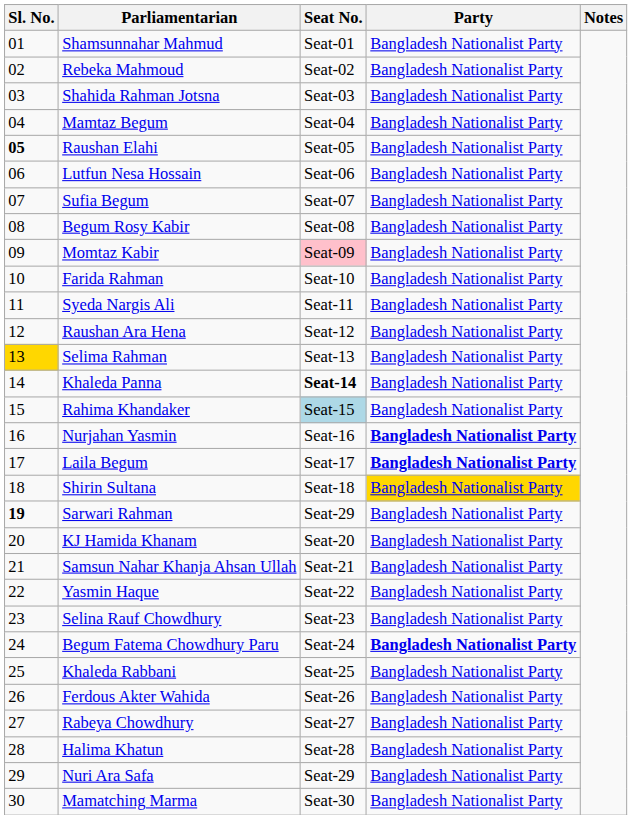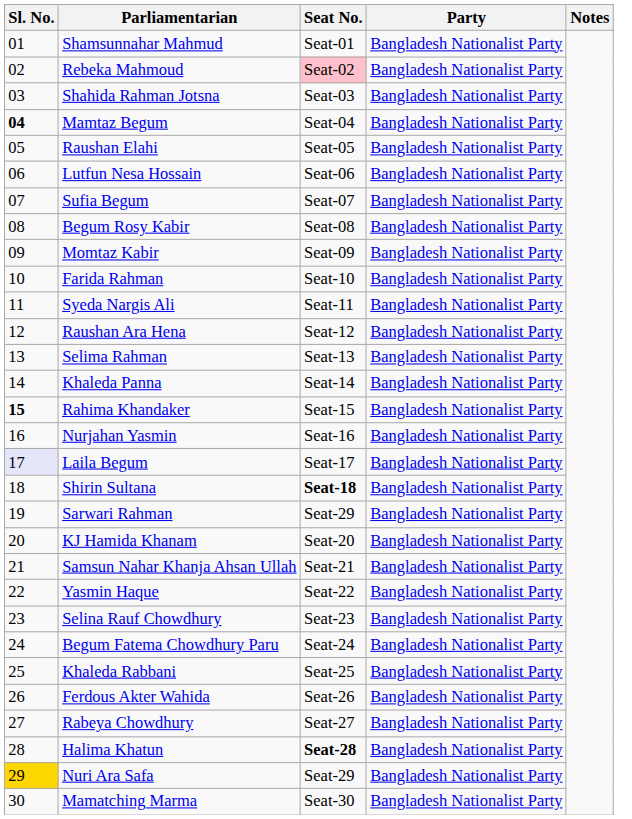 <table class="wikitable sortable">
 <tr>
 <th>Sl. No.</th>
 <th>Parliamentarian</th>
 <th>Seat No.</th>
 <th>Party</th>
 <th>Notes</th>
 </tr>
 <tr>
 <td>01</td>
 <td><a href='#'>Shamsunnahar Mahmud</a></td>
 <td>Seat-01</td>
 <td><a href='#'>Bangladesh Nationalist Party</a></td>
 <td rowspan="30"></td>
 </tr>
 <tr>
 <td>02</td>
 <td><a href='#'>Rebeka Mahmoud</a></td>
-<td>Seat-02</td>
+<td style="background: pink;">Seat-02</td>
 <td><a href='#'>Bangladesh Nationalist Party</a></td>
 </tr>
 <tr>
 <td>03</td>
 <td><a href='#'>Shahida Rahman Jotsna</a></td>
 <td>Seat-03</td>
 <td><a href='#'>Bangladesh Nationalist Party</a></td>
 </tr>
 <tr>
-<td>04</td>
+<td><strong>04</strong></td>
 <td><a href='#'>Mamtaz Begum</a></td>
 <td>Seat-04</td>
 <td><a href='#'>Bangladesh Nationalist Party</a></td>
 </tr>
 <tr>
-<td><strong>05</strong></td>
+<td>05</td>
 <td><a href='#'>Raushan Elahi</a></td>
 <td>Seat-05</td>
 <td><a href='#'>Bangladesh Nationalist Party</a></td>
 </tr>
 <tr>
 <td>06</td>
 <td><a href='#'>Lutfun Nesa Hossain</a></td>
 <td>Seat-06</td>
 <td><a href='#'>Bangladesh Nationalist Party</a></td>
 </tr>
 <tr>
 <td>07</td>
 <td><a href='#'>Sufia Begum</a></td>
 <td>Seat-07</td>
 <td><a href='#'>Bangladesh Nationalist Party</a></td>
 </tr>
 <tr>
 <td>08</td>
 <td><a href='#'>Begum Rosy Kabir</a></td>
 <td>Seat-08</td>
 <td><a href='#'>Bangladesh Nationalist Party</a></td>
 </tr>
 <tr>
 <td>09</td>
 <td><a href='#'>Momtaz Kabir</a></td>
-<td style="background: pink;">Seat-09</td>
+<td>Seat-09</td>
 <td><a href='#'>Bangladesh Nationalist Party</a></td>
 </tr>
 <tr>
 <td>10</td>
 <td><a href='#'>Farida Rahman</a></td>
 <td>Seat-10</td>
 <td><a href='#'>Bangladesh Nationalist Party</a></td>
 </tr>
 <tr>
 <td>11</td>
 <td><a href='#'>Syeda Nargis Ali</a></td>
 <td>Seat-11</td>
 <td><a href='#'>Bangladesh Nationalist Party</a></td>
 </tr>
 <tr>
 <td>12</td>
 <td><a href='#'>Raushan Ara Hena</a></td>
 <td>Seat-12</td>
 <td><a href='#'>Bangladesh Nationalist Party</a></td>
 </tr>
 <tr>
-<td style="background: gold;">13</td>
+<td>13</td>
 <td><a href='#'>Selima Rahman</a></td>
 <td>Seat-13</td>
 <td><a href='#'>Bangladesh Nationalist Party</a></td>
 </tr>
 <tr>
 <td>14</td>
 <td><a href='#'>Khaleda Panna</a></td>
-<td><strong>Seat-14</strong></td>
+<td>Seat-14</td>
 <td><a href='#'>Bangladesh Nationalist Party</a></td>
 </tr>
 <tr>
-<td>15</td>
+<td><strong>15</strong></td>
 <td><a href='#'>Rahima Khandaker</a></td>
-<td style="background: lightblue;">Seat-15</td>
+<td>Seat-15</td>
 <td><a href='#'>Bangladesh Nationalist Party</a></td>
 </tr>
 <tr>
 <td>16</td>
 <td><a href='#'>Nurjahan Yasmin</a></td>
 <td>Seat-16</td>
-<td><strong><a href='#'>Bangladesh Nationalist Party</a></strong></td>
+<td><a href='#'>Bangladesh Nationalist Party</a></td>
 </tr>
 <tr>
-<td>17</td>
+<td style="background: lavender;">17</td>
 <td><a href='#'>Laila Begum</a></td>
 <td>Seat-17</td>
-<td><strong><a href='#'>Bangladesh Nationalist Party</a></strong></td>
+<td><a href='#'>Bangladesh Nationalist Party</a></td>
 </tr>
 <tr>
 <td>18</td>
 <td><a href='#'>Shirin Sultana</a></td>
-<td>Seat-18</td>
-<td style="background: gold;"><a href='#'>Bangladesh Nationalist Party</a></td>
+<td><strong>Seat-18</strong></td>
+<td><a href='#'>Bangladesh Nationalist Party</a></td>
 </tr>
 <tr>
-<td><strong>19</strong></td>
+<td>19</td>
 <td><a href='#'>Sarwari Rahman</a></td>
 <td>Seat-29</td>
 <td><a href='#'>Bangladesh Nationalist Party</a></td>
 </tr>
 <tr>
 <td>20</td>
 <td><a href='#'>KJ Hamida Khanam</a></td>
 <td>Seat-20</td>
 <td><a href='#'>Bangladesh Nationalist Party</a></td>
 </tr>
 <tr>
 <td>21</td>
 <td><a href='#'>Samsun Nahar Khanja Ahsan Ullah</a></td>
 <td>Seat-21</td>
 <td><a href='#'>Bangladesh Nationalist Party</a></td>
 </tr>
 <tr>
 <td>22</td>
 <td><a href='#'>Yasmin Haque</a></td>
 <td>Seat-22</td>
 <td><a href='#'>Bangladesh Nationalist Party</a></td>
 </tr>
 <tr>
 <td>23</td>
 <td><a href='#'>Selina Rauf Chowdhury</a></td>
 <td>Seat-23</td>
 <td><a href='#'>Bangladesh Nationalist Party</a></td>
 </tr>
 <tr>
 <td>24</td>
 <td><a href='#'>Begum Fatema Chowdhury Paru</a></td>
 <td>Seat-24</td>
-<td><strong><a href='#'>Bangladesh Nationalist Party</a></strong></td>
+<td><a href='#'>Bangladesh Nationalist Party</a></td>
 </tr>
 <tr>
 <td>25</td>
 <td><a href='#'>Khaleda Rabbani</a></td>
 <td>Seat-25</td>
 <td><a href='#'>Bangladesh Nationalist Party</a></td>
 </tr>
 <tr>
 <td>26</td>
 <td><a href='#'>Ferdous Akter Wahida</a></td>
 <td>Seat-26</td>
 <td><a href='#'>Bangladesh Nationalist Party</a></td>
 </tr>
 <tr>
 <td>27</td>
 <td><a href='#'>Rabeya Chowdhury</a></td>
 <td>Seat-27</td>
 <td><a href='#'>Bangladesh Nationalist Party</a></td>
 </tr>
 <tr>
 <td>28</td>
 <td><a href='#'>Halima Khatun</a></td>
-<td>Seat-28</td>
+<td><strong>Seat-28</strong></td>
 <td><a href='#'>Bangladesh Nationalist Party</a></td>
 </tr>
 <tr>
-<td>29</td>
+<td style="background: gold;">29</td>
 <td><a href='#'>Nuri Ara Safa</a></td>
 <td>Seat-29</td>
 <td><a href='#'>Bangladesh Nationalist Party</a></td>
 </tr>
 <tr>
 <td>30</td>
 <td><a href='#'>Mamatching Marma</a></td>
 <td>Seat-30</td>
 <td><a href='#'>Bangladesh Nationalist Party</a></td>
 </tr>
 </table>
